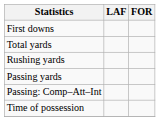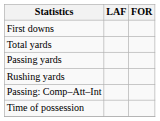 <table class="wikitable" style="float: left;">
 <tr>
 <th>Statistics</th>
 <th>LAF</th>
 <th>FOR</th>
 </tr>
 <tr>
 <td>First downs</td>
 <td></td>
 <td></td>
 </tr>
 <tr>
 <td>Total yards</td>
 <td></td>
 <td></td>
 </tr>
 <tr>
-<td>Rushing yards</td>
+<td>Passing yards</td>
 <td></td>
 <td></td>
 </tr>
 <tr>
-<td>Passing yards</td>
+<td>Rushing yards</td>
 <td></td>
 <td></td>
 </tr>
 <tr>
 <td>Passing: Comp–Att–Int</td>
 <td></td>
 <td></td>
 </tr>
 <tr>
 <td>Time of possession</td>
 <td></td>
 <td></td>
 </tr>
 <tr>
 </tr>
 </table>
